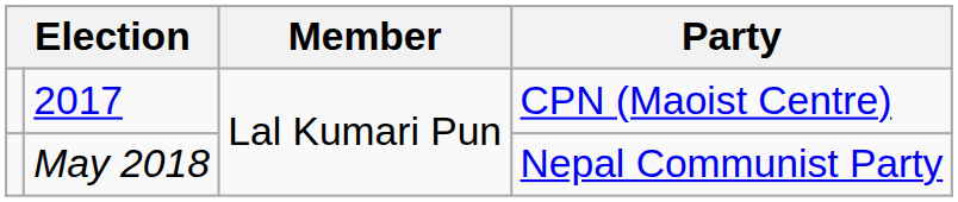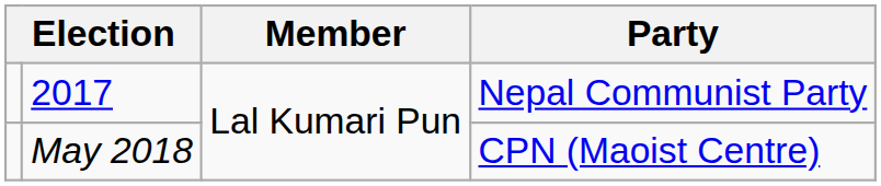 <table class="wikitable">
 <tr>
 <th colspan="2">Election</th>
 <th>Member</th>
 <th>Party</th>
 </tr>
 <tr>
 <td style="background-color:"></td>
 <td><a href='#'>2017</a></td>
 <td rowspan="2">Lal Kumari Pun</td>
-<td><a href='#'>CPN (Maoist Centre)</a></td>
+<td><a href='#'>Nepal Communist Party</a></td>
 </tr>
 <tr>
 <td style="background-color:"></td>
 <td><em>May 2018</em></td>
-<td><a href='#'>Nepal Communist Party</a></td>
+<td><a href='#'>CPN (Maoist Centre)</a></td>
 </tr>
 </table>
